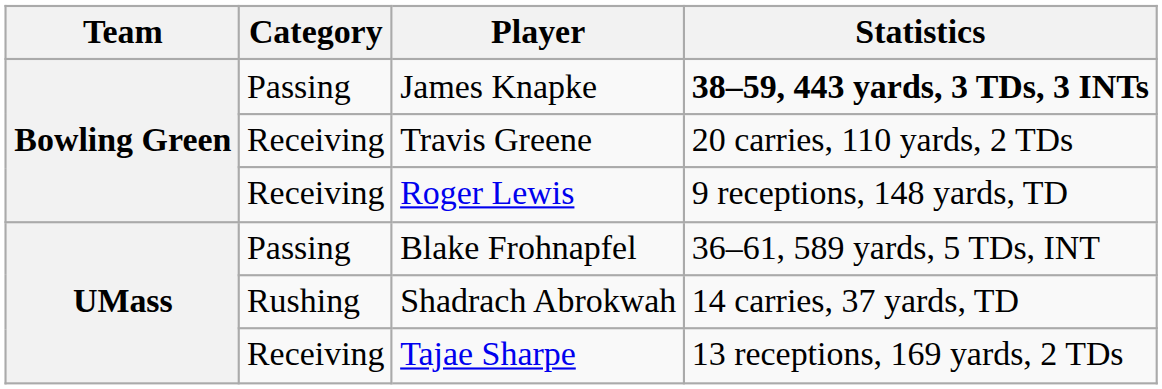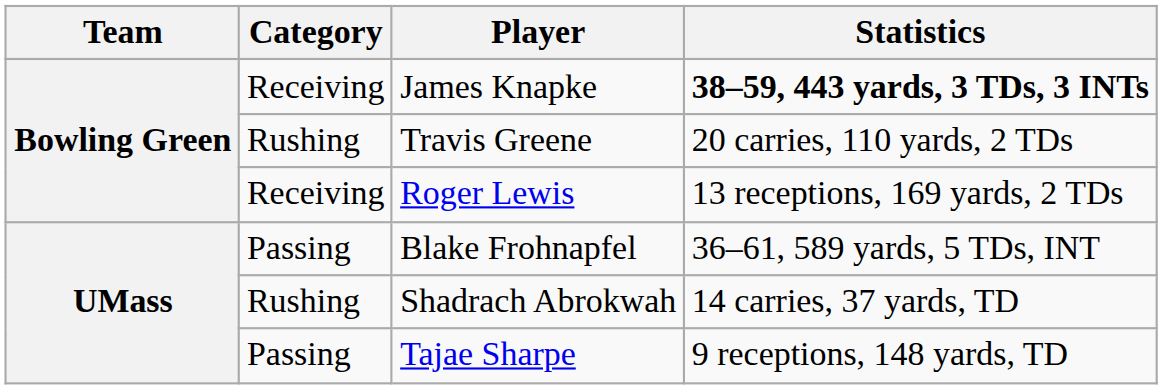 <table class="wikitable" style="float:right">
 <tr>
 <th>Team</th>
 <th>Category</th>
 <th>Player</th>
 <th>Statistics</th>
 </tr>
 <tr>
 <th rowspan=3>Bowling Green</th>
-<td>Passing</td>
+<td>Receiving</td>
 <td>James Knapke</td>
 <td><strong>38–59, 443 yards, 3 TDs, 3 INTs</strong></td>
 </tr>
 <tr>
-<td>Receiving</td>
+<td>Rushing</td>
 <td>Travis Greene</td>
 <td>20 carries, 110 yards, 2 TDs</td>
 </tr>
 <tr>
 <td>Receiving</td>
 <td><a href='#'>Roger Lewis</a></td>
-<td>9 receptions, 148 yards, TD</td>
+<td>13 receptions, 169 yards, 2 TDs</td>
 </tr>
 <tr>
 <th rowspan=3>UMass</th>
 <td>Passing</td>
 <td>Blake Frohnapfel</td>
 <td>36–61, 589 yards, 5 TDs, INT</td>
 </tr>
 <tr>
 <td>Rushing</td>
 <td>Shadrach Abrokwah</td>
 <td>14 carries, 37 yards, TD</td>
 </tr>
 <tr>
-<td>Receiving</td>
+<td>Passing</td>
 <td><a href='#'>Tajae Sharpe</a></td>
-<td>13 receptions, 169 yards, 2 TDs</td>
+<td>9 receptions, 148 yards, TD</td>
 </tr>
 </table>
